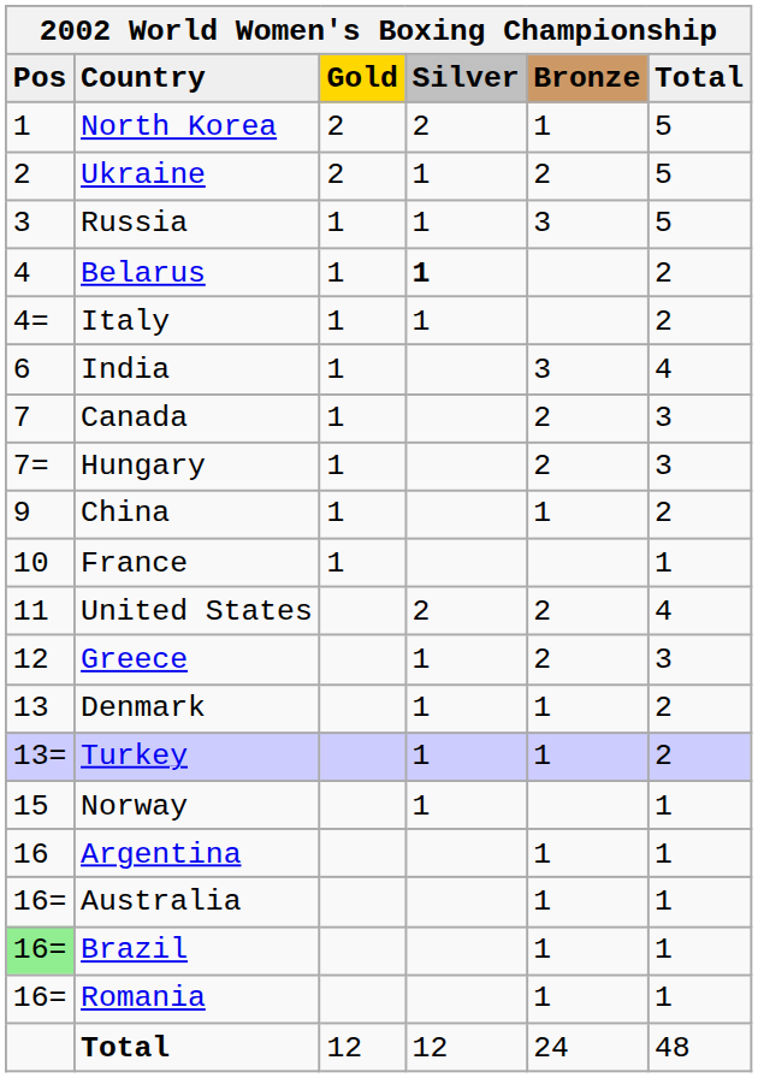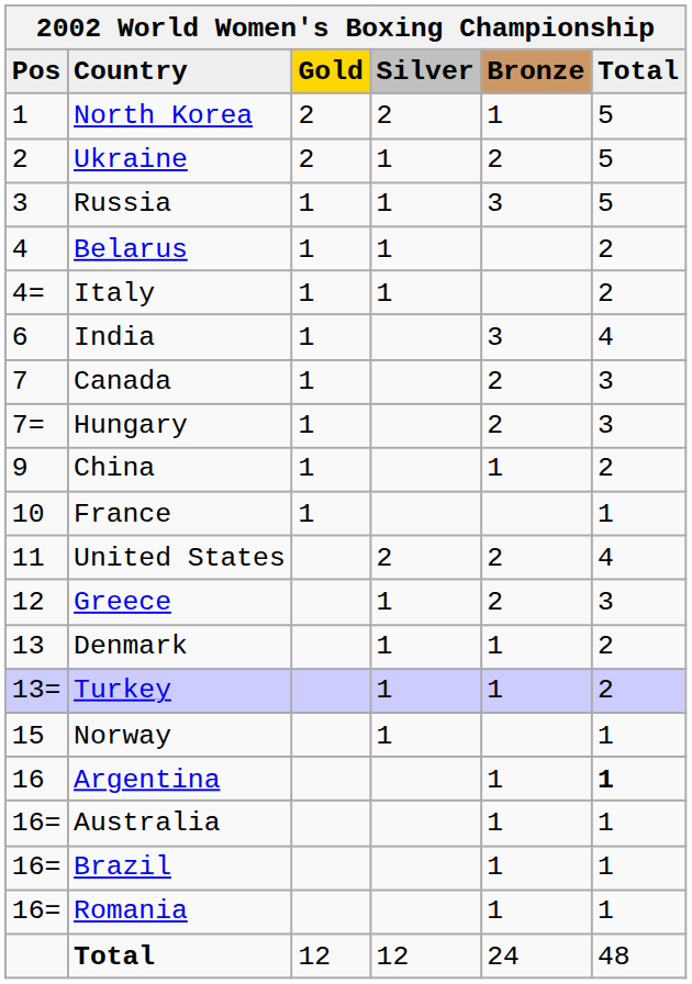 <table class="wikitable">
 <tr>
 <th colspan=7 style="border-right:0px;";><strong>2002 World Women's Boxing Championship</strong></th>
 </tr>
 <tr bgcolor="#efefef">
 <td><strong>Pos</strong></td>
 <td><strong>Country</strong></td>
 <td bgcolor="gold"><strong>Gold</strong></td>
 <td bgcolor="silver"><strong>Silver</strong></td>
 <td bgcolor="CC9966"><strong>Bronze</strong></td>
 <td><strong>Total</strong></td>
 </tr>
 <tr>
 <td>1</td>
 <td> <a href='#'>North Korea</a></td>
 <td>2</td>
 <td>2</td>
 <td>1</td>
 <td>5</td>
 </tr>
 <tr>
 <td>2</td>
 <td> <a href='#'>Ukraine</a></td>
 <td>2</td>
 <td>1</td>
 <td>2</td>
 <td>5</td>
 </tr>
 <tr>
 <td>3</td>
 <td> Russia</td>
 <td>1</td>
 <td>1</td>
 <td>3</td>
 <td>5</td>
 </tr>
 <tr>
 <td>4</td>
 <td> <a href='#'>Belarus</a></td>
 <td>1</td>
-<td><strong>1</strong></td>
+<td>1</td>
 <td></td>
 <td>2</td>
 </tr>
 <tr>
 <td>4=</td>
 <td> Italy</td>
 <td>1</td>
 <td>1</td>
 <td></td>
 <td>2</td>
 </tr>
 <tr>
 <td>6</td>
 <td> India</td>
 <td>1</td>
 <td></td>
 <td>3</td>
 <td>4</td>
 </tr>
 <tr>
 <td>7</td>
 <td> Canada</td>
 <td>1</td>
 <td></td>
 <td>2</td>
 <td>3</td>
 </tr>
 <tr>
 <td>7=</td>
 <td> Hungary</td>
 <td>1</td>
 <td></td>
 <td>2</td>
 <td>3</td>
 </tr>
 <tr>
 <td>9</td>
 <td> China</td>
 <td>1</td>
 <td></td>
 <td>1</td>
 <td>2</td>
 </tr>
 <tr>
 <td>10</td>
 <td> France</td>
 <td>1</td>
 <td></td>
 <td></td>
 <td>1</td>
 </tr>
 <tr>
 <td>11</td>
 <td> United States</td>
 <td></td>
 <td>2</td>
 <td>2</td>
 <td>4</td>
 </tr>
 <tr>
 <td>12</td>
 <td> <a href='#'>Greece</a></td>
 <td></td>
 <td>1</td>
 <td>2</td>
 <td>3</td>
 </tr>
 <tr>
 <td>13</td>
 <td> Denmark</td>
 <td></td>
 <td>1</td>
 <td>1</td>
 <td>2</td>
 </tr>
 <tr style="background:#ccccff">
 <td>13=</td>
 <td> <a href='#'>Turkey</a></td>
 <td></td>
 <td>1</td>
 <td>1</td>
 <td>2</td>
 </tr>
 <tr>
 <td>15</td>
 <td> Norway</td>
 <td></td>
 <td>1</td>
 <td></td>
 <td>1</td>
 </tr>
 <tr>
 <td>16</td>
 <td> <a href='#'>Argentina</a></td>
 <td></td>
 <td></td>
 <td>1</td>
-<td>1</td>
+<td><strong>1</strong></td>
 </tr>
 <tr>
 <td>16=</td>
 <td> Australia</td>
 <td></td>
 <td></td>
 <td>1</td>
 <td>1</td>
 </tr>
 <tr>
-<td style="background: lightgreen;">16=</td>
+<td>16=</td>
 <td> <a href='#'>Brazil</a></td>
 <td></td>
 <td></td>
 <td>1</td>
 <td>1</td>
 </tr>
 <tr>
 <td>16=</td>
 <td> <a href='#'>Romania</a></td>
 <td></td>
 <td></td>
 <td>1</td>
 <td>1</td>
 </tr>
 <tr>
 <td></td>
 <td><strong>Total</strong></td>
 <td>12</td>
 <td>12</td>
 <td>24</td>
 <td>48</td>
 </tr>
 </table>
